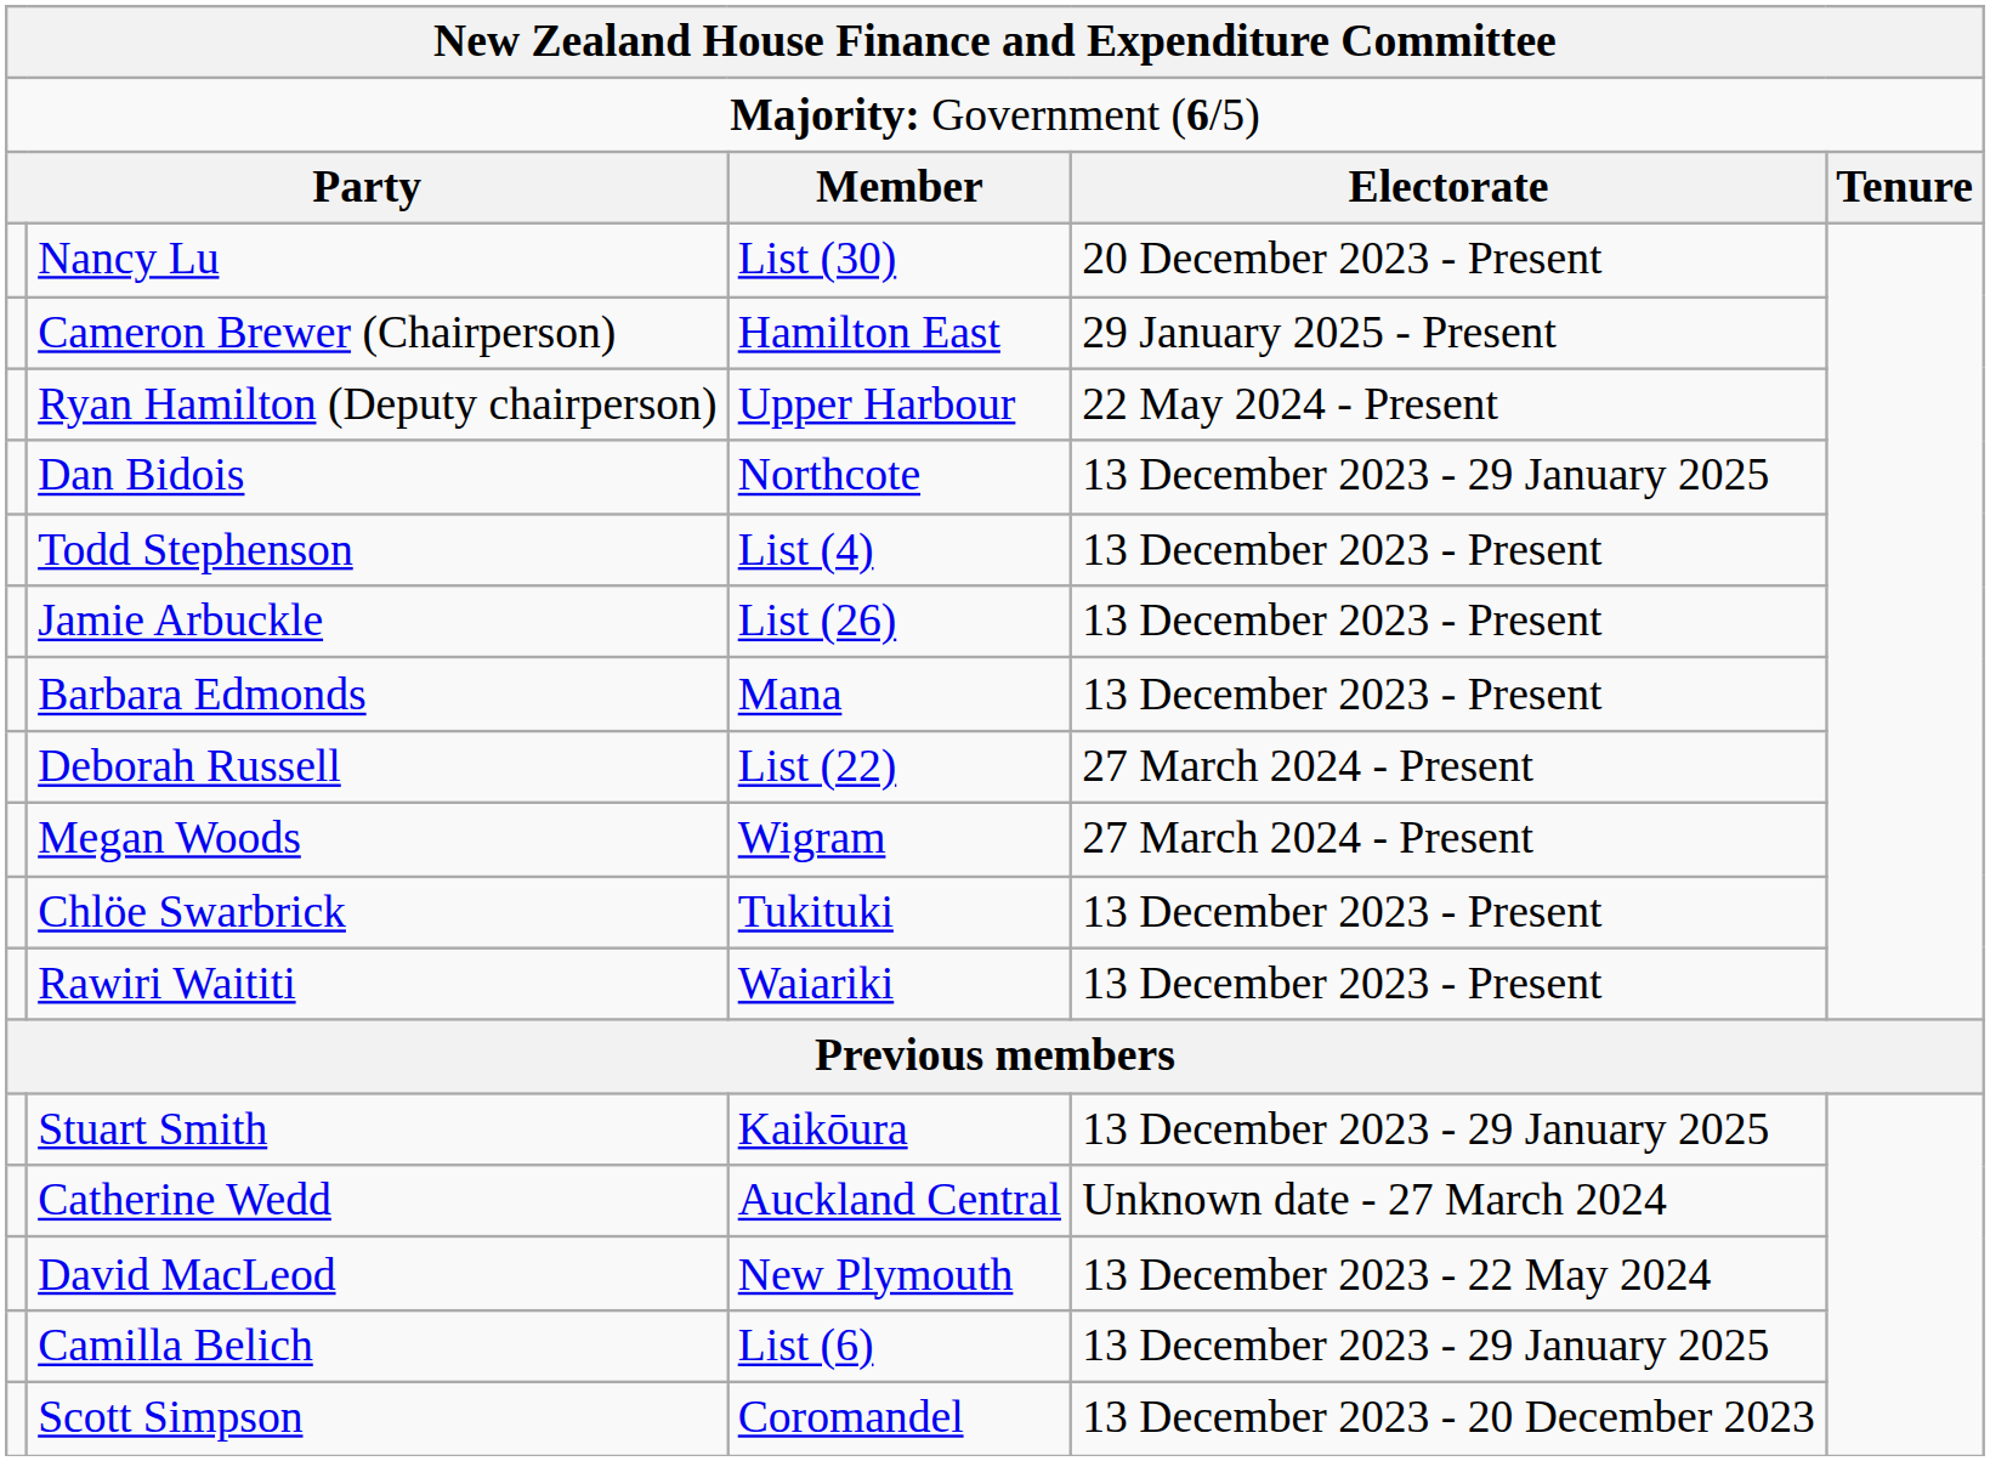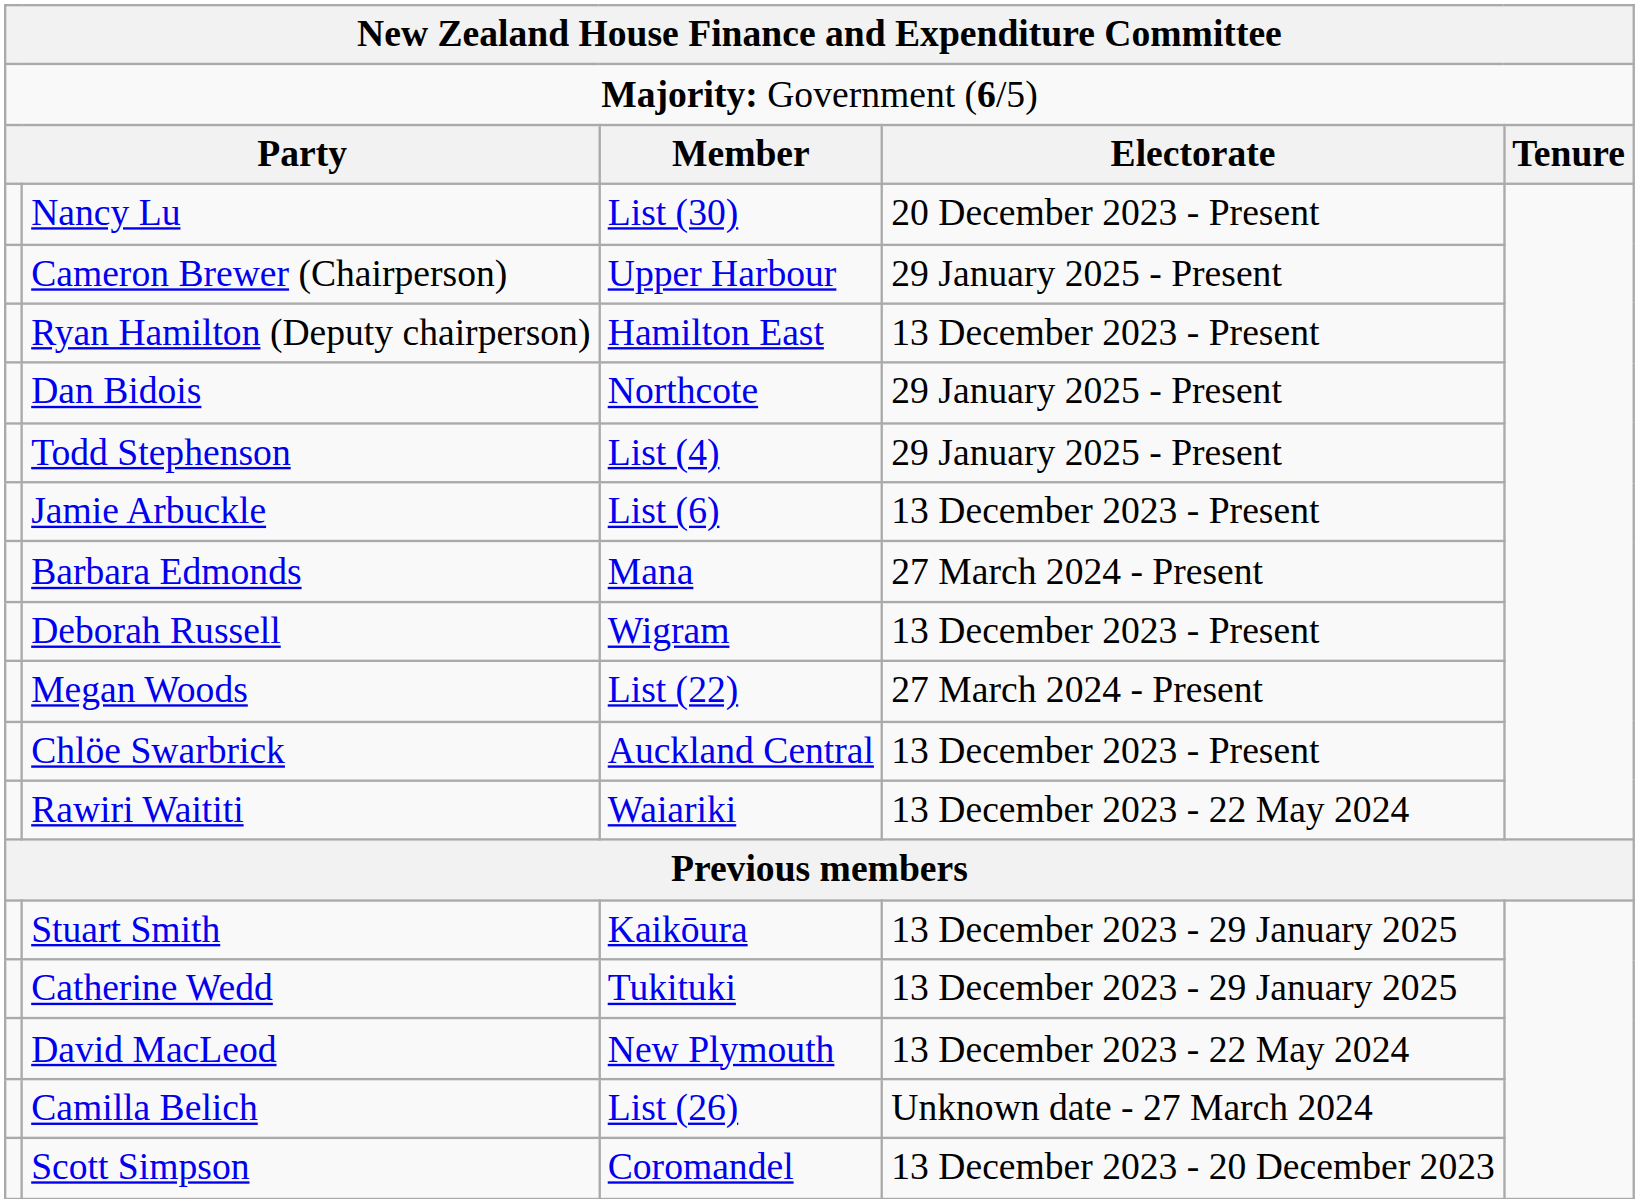 <table class="wikitable">
 <tr>
 <th colspan="5">New Zealand House Finance and Expenditure Committee</th>
 </tr>
 <tr>
 <td colspan="5" style="text-align:center; background:"><strong>Majority:</strong> Government (<strong>6</strong>/5)</td>
 </tr>
 <tr>
 <th colspan="2">Party</th>
 <th>Member</th>
 <th>Electorate</th>
 <th>Tenure</th>
 </tr>
 <tr>
 <td></td>
 <td scope="row" style="text-align: left;"><a href='#'>Nancy Lu</a></td>
 <td><a href='#'>List (30)</a></td>
 <td>20 December 2023 - Present</td>
 </tr>
 <tr>
 <td></td>
 <td scope="row" style="text-align: left;"><a href='#'>Cameron Brewer</a> (Chairperson)</td>
-<td><a href='#'>Hamilton East</a></td>
+<td><a href='#'>Upper Harbour</a></td>
 <td>29 January 2025 - Present</td>
 </tr>
 <tr>
 <td></td>
 <td scope="row" style="text-align: left;"><a href='#'>Ryan Hamilton</a> (Deputy chairperson)</td>
-<td><a href='#'>Upper Harbour</a></td>
-<td>22 May 2024 - Present</td>
+<td><a href='#'>Hamilton East</a></td>
+<td>13 December 2023 - Present</td>
 </tr>
 <tr>
 <td></td>
 <td scope="row" style="text-align: left;"><a href='#'>Dan Bidois</a></td>
 <td><a href='#'>Northcote</a></td>
-<td>13 December 2023 - 29 January 2025</td>
+<td>29 January 2025 - Present</td>
 </tr>
 <tr>
 <td></td>
 <td scope="row" style="text-align: left;"><a href='#'>Todd Stephenson</a></td>
 <td><a href='#'>List (4)</a></td>
-<td>13 December 2023 - Present</td>
+<td>29 January 2025 - Present</td>
 </tr>
 <tr>
 <td></td>
 <td scope="row" style="text-align: left;"><a href='#'>Jamie Arbuckle</a></td>
-<td><a href='#'>List (26)</a></td>
+<td><a href='#'>List (6)</a></td>
 <td>13 December 2023 - Present</td>
 </tr>
 <tr>
 <td></td>
 <td scope="row" style="text-align: left;"><a href='#'>Barbara Edmonds</a></td>
 <td><a href='#'>Mana</a></td>
+<td>27 March 2024 - Present</td>
+</tr>
+<tr>
+<td></td>
+<td scope="row" style="text-align: left;"><a href='#'>Deborah Russell</a></td>
+<td><a href='#'>Wigram</a></td>
 <td>13 December 2023 - Present</td>
 </tr>
 <tr>
 <td></td>
-<td scope="row" style="text-align: left;"><a href='#'>Deborah Russell</a></td>
+<td scope="row" style="text-align: left;"><a href='#'>Megan Woods</a></td>
 <td><a href='#'>List (22)</a></td>
 <td>27 March 2024 - Present</td>
 </tr>
 <tr>
 <td></td>
-<td scope="row" style="text-align: left;"><a href='#'>Megan Woods</a></td>
-<td><a href='#'>Wigram</a></td>
-<td>27 March 2024 - Present</td>
-</tr>
-<tr>
-<td></td>
 <td scope="row" style="text-align: left;"><a href='#'>Chlöe Swarbrick</a></td>
-<td><a href='#'>Tukituki</a></td>
+<td><a href='#'>Auckland Central</a></td>
 <td>13 December 2023 - Present</td>
 </tr>
 <tr>
 <td></td>
 <td scope="row" style="text-align: left;"><a href='#'>Rawiri Waititi</a></td>
 <td><a href='#'>Waiariki</a></td>
-<td>13 December 2023 - Present</td>
+<td>13 December 2023 - 22 May 2024</td>
 </tr>
 <tr>
 <th colspan="5">Previous members</th>
 </tr>
 <tr>
 <td></td>
 <td scope="row" style="text-align: left;"><a href='#'>Stuart Smith</a></td>
 <td><a href='#'>Kaikōura</a></td>
 <td>13 December 2023 - 29 January 2025</td>
 </tr>
 <tr>
 <td></td>
 <td scope="row" style="text-align: left;"><a href='#'>Catherine Wedd</a></td>
-<td><a href='#'>Auckland Central</a></td>
-<td>Unknown date - 27 March 2024</td>
+<td><a href='#'>Tukituki</a></td>
+<td>13 December 2023 - 29 January 2025</td>
 </tr>
 <tr>
 <td></td>
 <td scope="row" style="text-align: left;"><a href='#'>David MacLeod</a></td>
 <td><a href='#'>New Plymouth</a></td>
 <td>13 December 2023 - 22 May 2024</td>
 </tr>
 <tr>
 <td></td>
 <td scope="row" style="text-align: left;"><a href='#'>Camilla Belich</a></td>
-<td><a href='#'>List (6)</a></td>
-<td>13 December 2023 - 29 January 2025</td>
+<td><a href='#'>List (26)</a></td>
+<td>Unknown date - 27 March 2024</td>
 </tr>
 <tr>
 <td></td>
 <td scope="row" style="text-align: left;"><a href='#'>Scott Simpson</a></td>
 <td><a href='#'>Coromandel</a></td>
 <td>13 December 2023 - 20 December 2023</td>
 </tr>
 </table>
